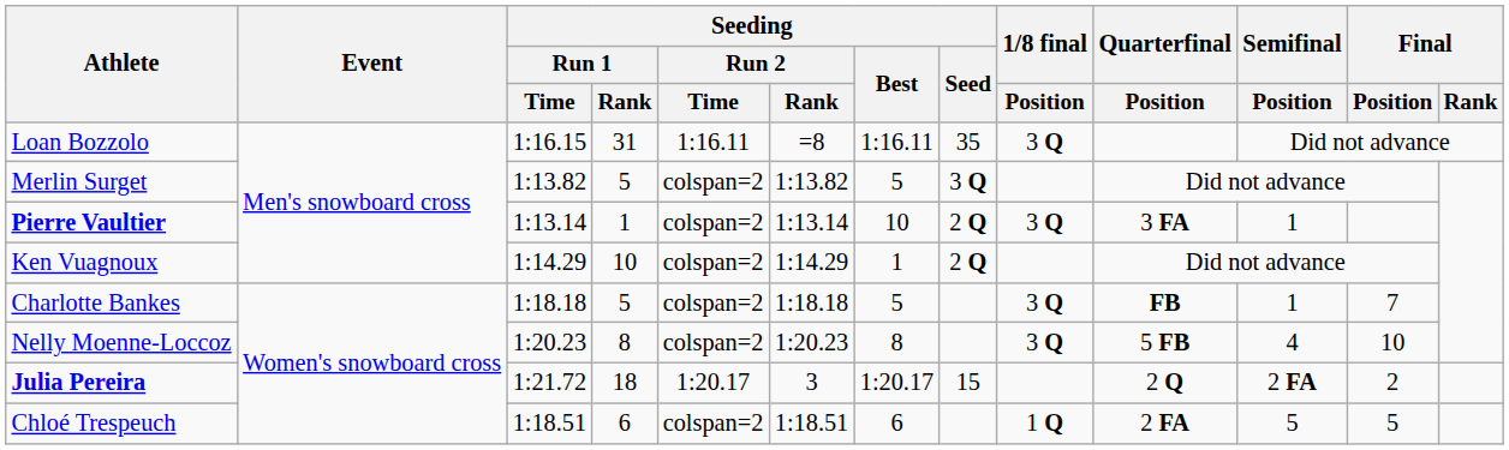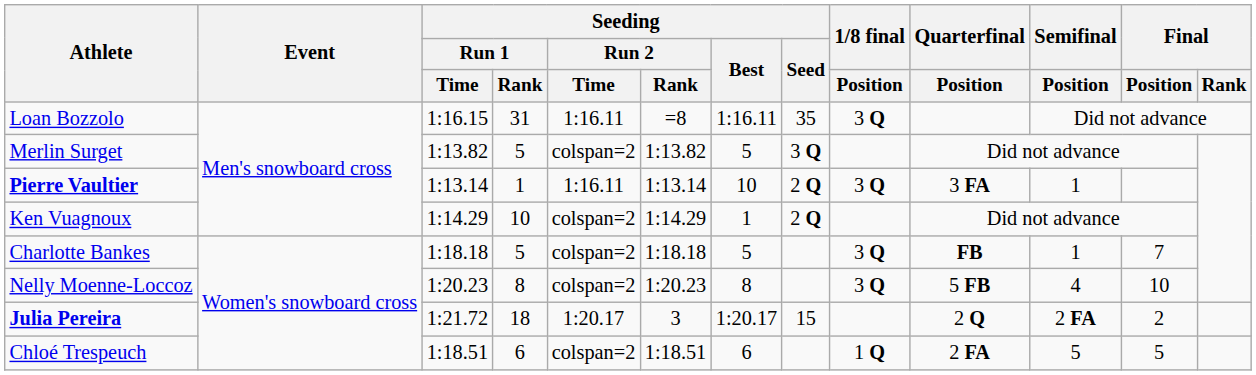 <table class=wikitable style=font-size:90%>
 <tr>
 <th rowspan=3>Athlete</th>
 <th rowspan=3>Event</th>
 <th colspan=6>Seeding</th>
 <th rowspan=2>1/8 final</th>
 <th rowspan=2>Quarterfinal</th>
 <th rowspan=2>Semifinal</th>
 <th rowspan=2 colspan=2>Final</th>
 </tr>
 <tr style=font-size:95%>
 <th colspan=2>Run 1</th>
 <th colspan=2>Run 2</th>
 <th rowspan=2>Best</th>
 <th rowspan=2>Seed</th>
 </tr>
 <tr style=font-size:95%>
 <th>Time</th>
 <th>Rank</th>
 <th>Time</th>
 <th>Rank</th>
 <th>Position</th>
 <th>Position</th>
 <th>Position</th>
 <th>Position</th>
 <th>Rank</th>
 </tr>
 <tr align=center>
 <td align=left><a href='#'>Loan Bozzolo</a></td>
 <td align=left rowspan=4><a href='#'>Men's snowboard cross</a></td>
 <td>1:16.15</td>
 <td>31</td>
 <td>1:16.11</td>
 <td>=8</td>
 <td>1:16.11</td>
 <td>35</td>
 <td>3 <strong>Q</strong></td>
 <td></td>
 <td colspan=3>Did not advance</td>
 </tr>
 <tr align=center>
 <td align=left><a href='#'>Merlin Surget</a></td>
 <td>1:13.82</td>
 <td>5</td>
 <td>colspan=2 </td>
 <td>1:13.82</td>
 <td>5</td>
 <td>3 <strong>Q</strong></td>
 <td></td>
 <td colspan=3>Did not advance</td>
 </tr>
 <tr align=center>
 <td align=left><strong><a href='#'>Pierre Vaultier</a></strong></td>
 <td>1:13.14</td>
 <td>1</td>
-<td>colspan=2 </td>
+<td>1:16.11</td>
 <td>1:13.14</td>
 <td>10</td>
 <td>2 <strong>Q</strong></td>
 <td>3 <strong>Q</strong></td>
 <td>3 <strong>FA</strong></td>
 <td>1</td>
 <td></td>
 </tr>
 <tr align=center>
 <td align=left><a href='#'>Ken Vuagnoux</a></td>
 <td>1:14.29</td>
 <td>10</td>
 <td>colspan=2 </td>
 <td>1:14.29</td>
 <td>1</td>
 <td>2 <strong>Q</strong></td>
 <td></td>
 <td colspan=3>Did not advance</td>
 </tr>
 <tr align=center>
 <td align=left><a href='#'>Charlotte Bankes</a></td>
 <td align=left rowspan=4><a href='#'>Women's snowboard cross</a></td>
 <td>1:18.18</td>
 <td>5</td>
 <td>colspan=2 </td>
 <td>1:18.18</td>
 <td>5</td>
 <td></td>
 <td>3 <strong>Q</strong></td>
 <td> <strong>FB</strong></td>
 <td>1</td>
 <td>7</td>
 </tr>
 <tr align=center>
 <td align=left><a href='#'>Nelly Moenne-Loccoz</a></td>
 <td>1:20.23</td>
 <td>8</td>
 <td>colspan=2 </td>
 <td>1:20.23</td>
 <td>8</td>
 <td></td>
 <td>3 <strong>Q</strong></td>
 <td>5 <strong>FB</strong></td>
 <td>4</td>
 <td>10</td>
 </tr>
 <tr align=center>
 <td align=left><strong><a href='#'>Julia Pereira</a></strong></td>
 <td>1:21.72</td>
 <td>18</td>
 <td>1:20.17</td>
 <td>3</td>
 <td>1:20.17</td>
 <td>15</td>
 <td></td>
 <td>2 <strong>Q</strong></td>
 <td>2 <strong>FA</strong></td>
 <td>2</td>
 <td></td>
 </tr>
 <tr align=center>
 <td align=left><a href='#'>Chloé Trespeuch</a></td>
 <td>1:18.51</td>
 <td>6</td>
 <td>colspan=2 </td>
 <td>1:18.51</td>
 <td>6</td>
 <td></td>
 <td>1 <strong>Q</strong></td>
 <td>2 <strong>FA</strong></td>
 <td>5</td>
 <td>5</td>
 </tr>
 </table>
